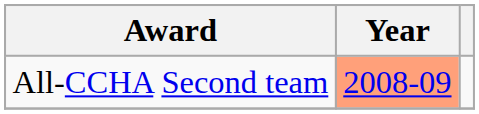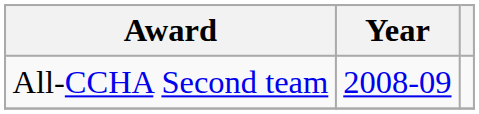 <table class="wikitable">
 <tr>
 <th>Award</th>
 <th>Year</th>
 <th></th>
 </tr>
 <tr>
 <td>All-<a href='#'>CCHA</a> <a href='#'>Second team</a></td>
-<td style="background: lightsalmon;"><a href='#'>2008-09</a></td>
+<td><a href='#'>2008-09</a></td>
 <td></td>
 </tr>
 <tr>
 </tr>
 </table>
